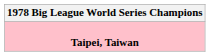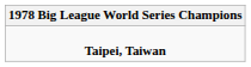 <table class="wikitable" style="text-align: center; margin: 0 auto;">
 <tr>
 <th>1978 Big League World Series Champions</th>
 </tr>
 <tr>
-<td style="background: pink;"><br><strong>Taipei, Taiwan</strong></td>
+<td><br><strong>Taipei, Taiwan</strong></td>
 </tr>
 </table>
